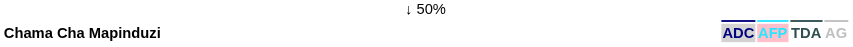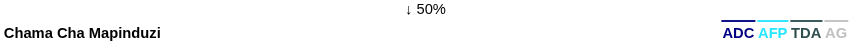 <table width=73%>
 <tr>
 <td colspan=6 align=center>↓ 50%</td>
 </tr>
 <tr>
 <td bgcolor=></td>
 <td bgcolor=navy width=1.25% style="color:white;"></td>
 <td bgcolor=#28E6FF width=1.25% style="color:white;"></td>
 <td bgcolor=#2F4F4F width=1.25% style="color:white;"></td>
 <td bgcolor=#C0C0C0 width=1.25% style="color:white;"></td>
 </tr>
 <tr>
 <td style="color:"><strong>Chama Cha Mapinduzi</strong></td>
-<td style="background: lightgrey; color:Navy; text-align:center;"><strong>ADC</strong></td>
-<td style="background: pink; color:#28E6FF; text-align:center;"><strong>AFP</strong></td>
+<td style="color:Navy; text-align:center;"><strong>ADC</strong></td>
+<td style="color:#28E6FF; text-align:center;"><strong>AFP</strong></td>
 <td style="color:#2F4F4F; text-align:center;"><strong>TDA</strong></td>
 <td style="color:#C0C0C0; text-align:center;"><strong>AG</strong></td>
 </tr>
 </table>
